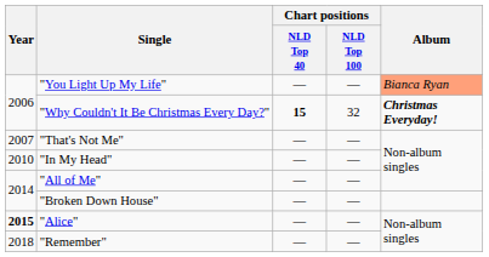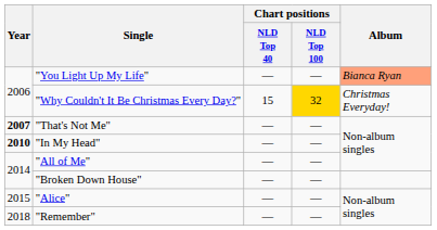 <table class="wikitable">
 <tr>
 <th align="center" rowspan="2">Year</th>
 <th align="center" rowspan="2">Single</th>
 <th align="center" colspan="2">Chart positions</th>
 <th width="120" rowspan="2">Album</th>
 </tr>
 <tr>
 <th width="60"><small><a href='#'>NLD<br> Top<br> 40</a></small><br></th>
 <th width="60"><small><a href='#'>NLD<br> Top<br> 100</a></small><br></th>
 </tr>
 <tr>
 <td align="center" rowspan="2">2006</td>
 <td align="left">"<a href='#'>You Light Up My Life</a>"</td>
 <td align="center">—</td>
 <td align="center">—</td>
 <td align="left" style="background: lightsalmon;"><em>Bianca Ryan</em></td>
 </tr>
 <tr>
 <td align="left">"<a href='#'>Why Couldn't It Be Christmas Every Day?</a>"</td>
-<td align="center"><strong>15</strong></td>
-<td align="center">32</td>
-<td align="left"><strong><em>Christmas Everyday!</em></strong></td>
+<td align="center">15</td>
+<td align="center" style="background: gold;">32</td>
+<td align="left"><em>Christmas Everyday!</em></td>
 </tr>
 <tr>
-<td align="center">2007</td>
+<td align="center"><strong>2007</strong></td>
 <td align="left">"That's Not Me"</td>
 <td align="center">—</td>
 <td align="center">—</td>
 <td align="left" rowspan="3">Non-album singles</td>
 </tr>
 <tr>
-<td align="center">2010</td>
+<td align="center"><strong>2010</strong></td>
 <td align="left">"In My Head"</td>
 <td align="center">—</td>
 <td align="center">—</td>
 </tr>
 <tr>
 <td align="center" rowspan="2">2014</td>
 <td align="left">"<a href='#'>All of Me</a>"</td>
 <td align="center">—</td>
 <td align="center">—</td>
 </tr>
 <tr>
 <td align="left">"Broken Down House"</td>
 <td align="center">—</td>
 <td align="center">—</td>
 <td align="left"></td>
 </tr>
 <tr>
-<td align="center"><strong>2015</strong></td>
+<td align="center">2015</td>
 <td align="left">"<a href='#'>Alice</a>"</td>
 <td align="center">—</td>
 <td align="center">—</td>
 <td align="left" rowspan="2">Non-album singles</td>
 </tr>
 <tr>
 <td align="center">2018</td>
 <td align="left">"Remember"</td>
 <td align="center">—</td>
 <td align="center">—</td>
 </tr>
 </table>
